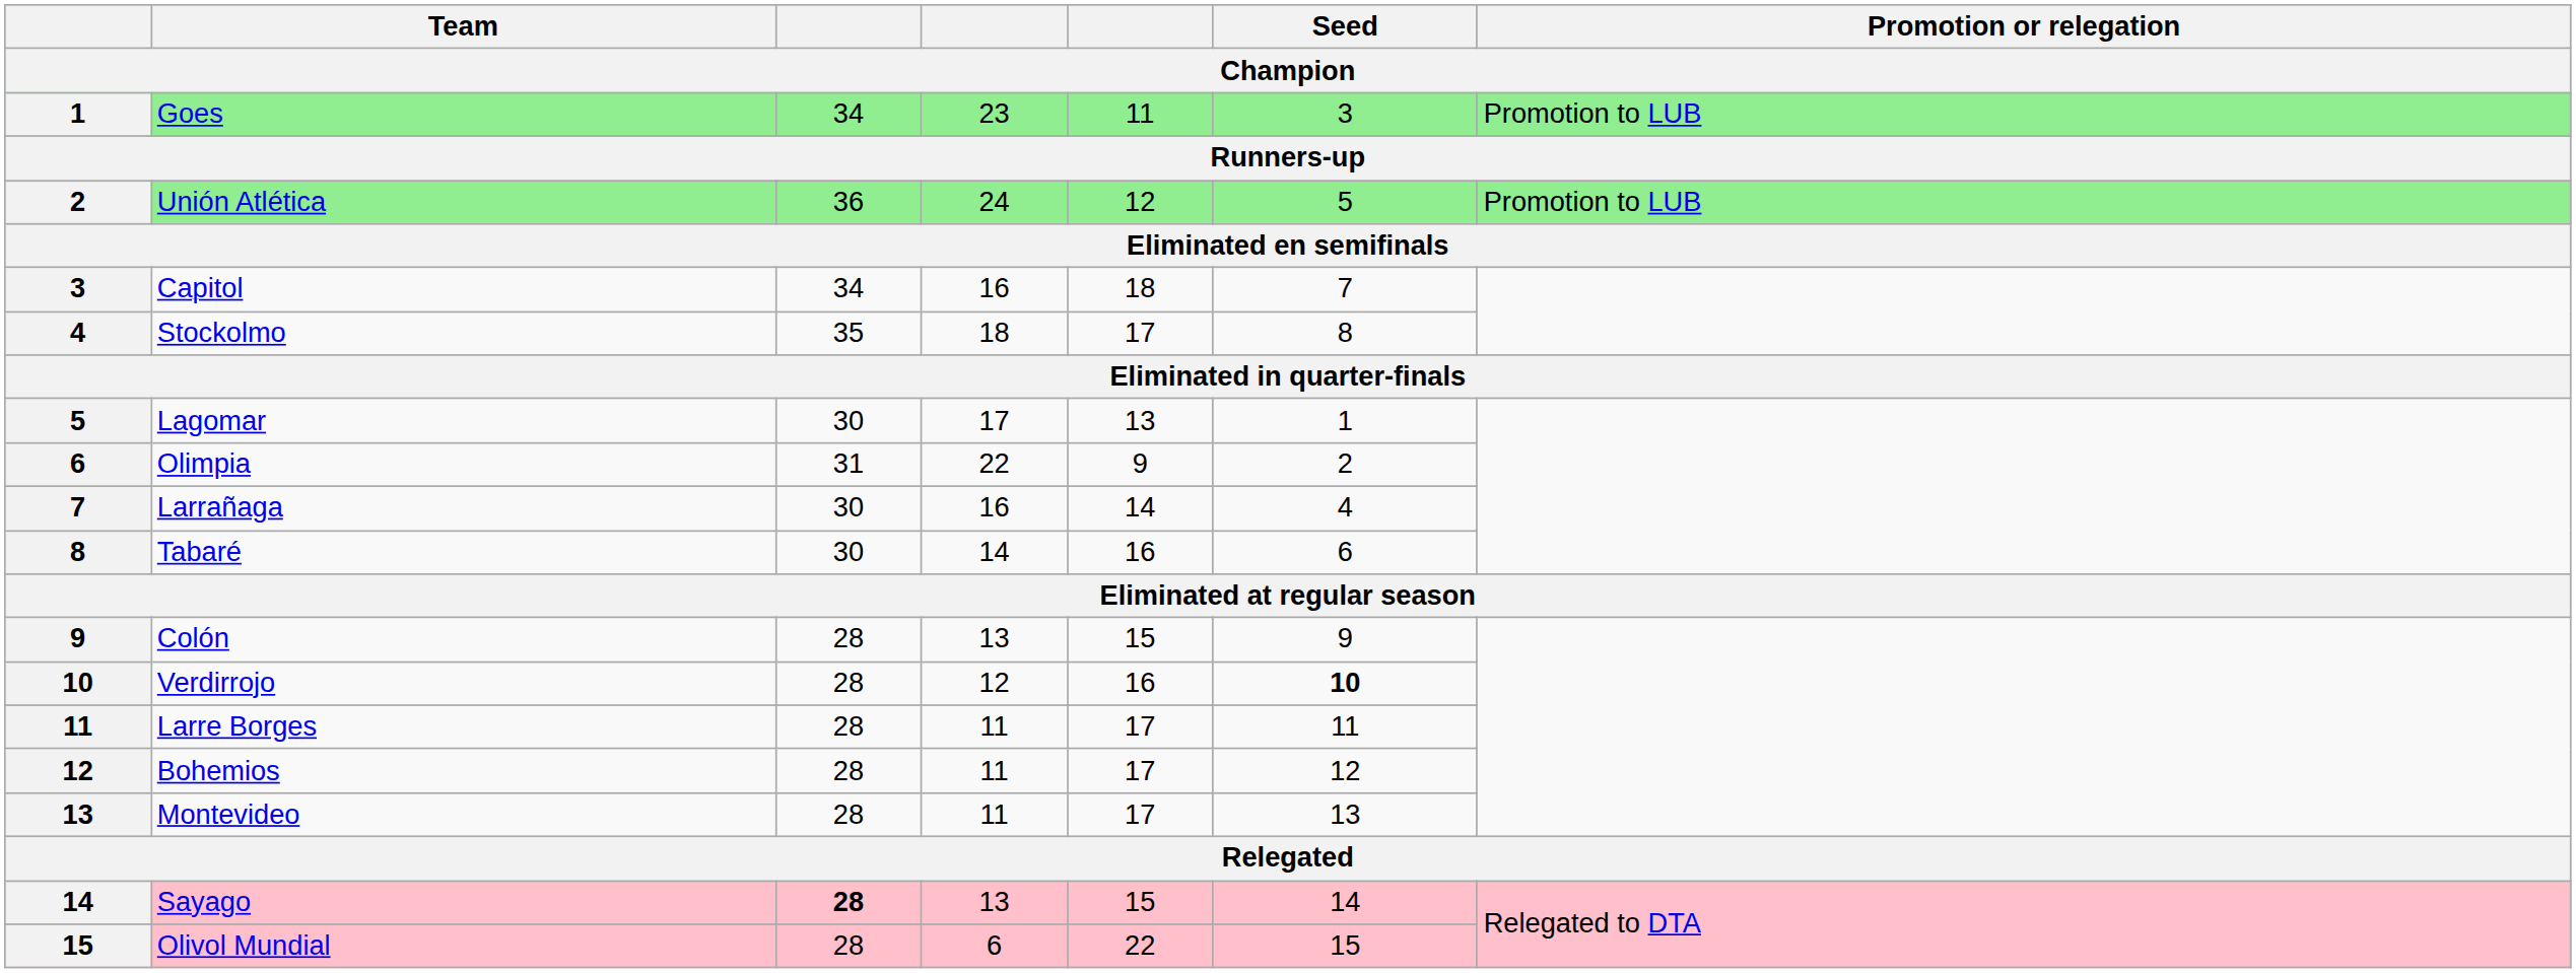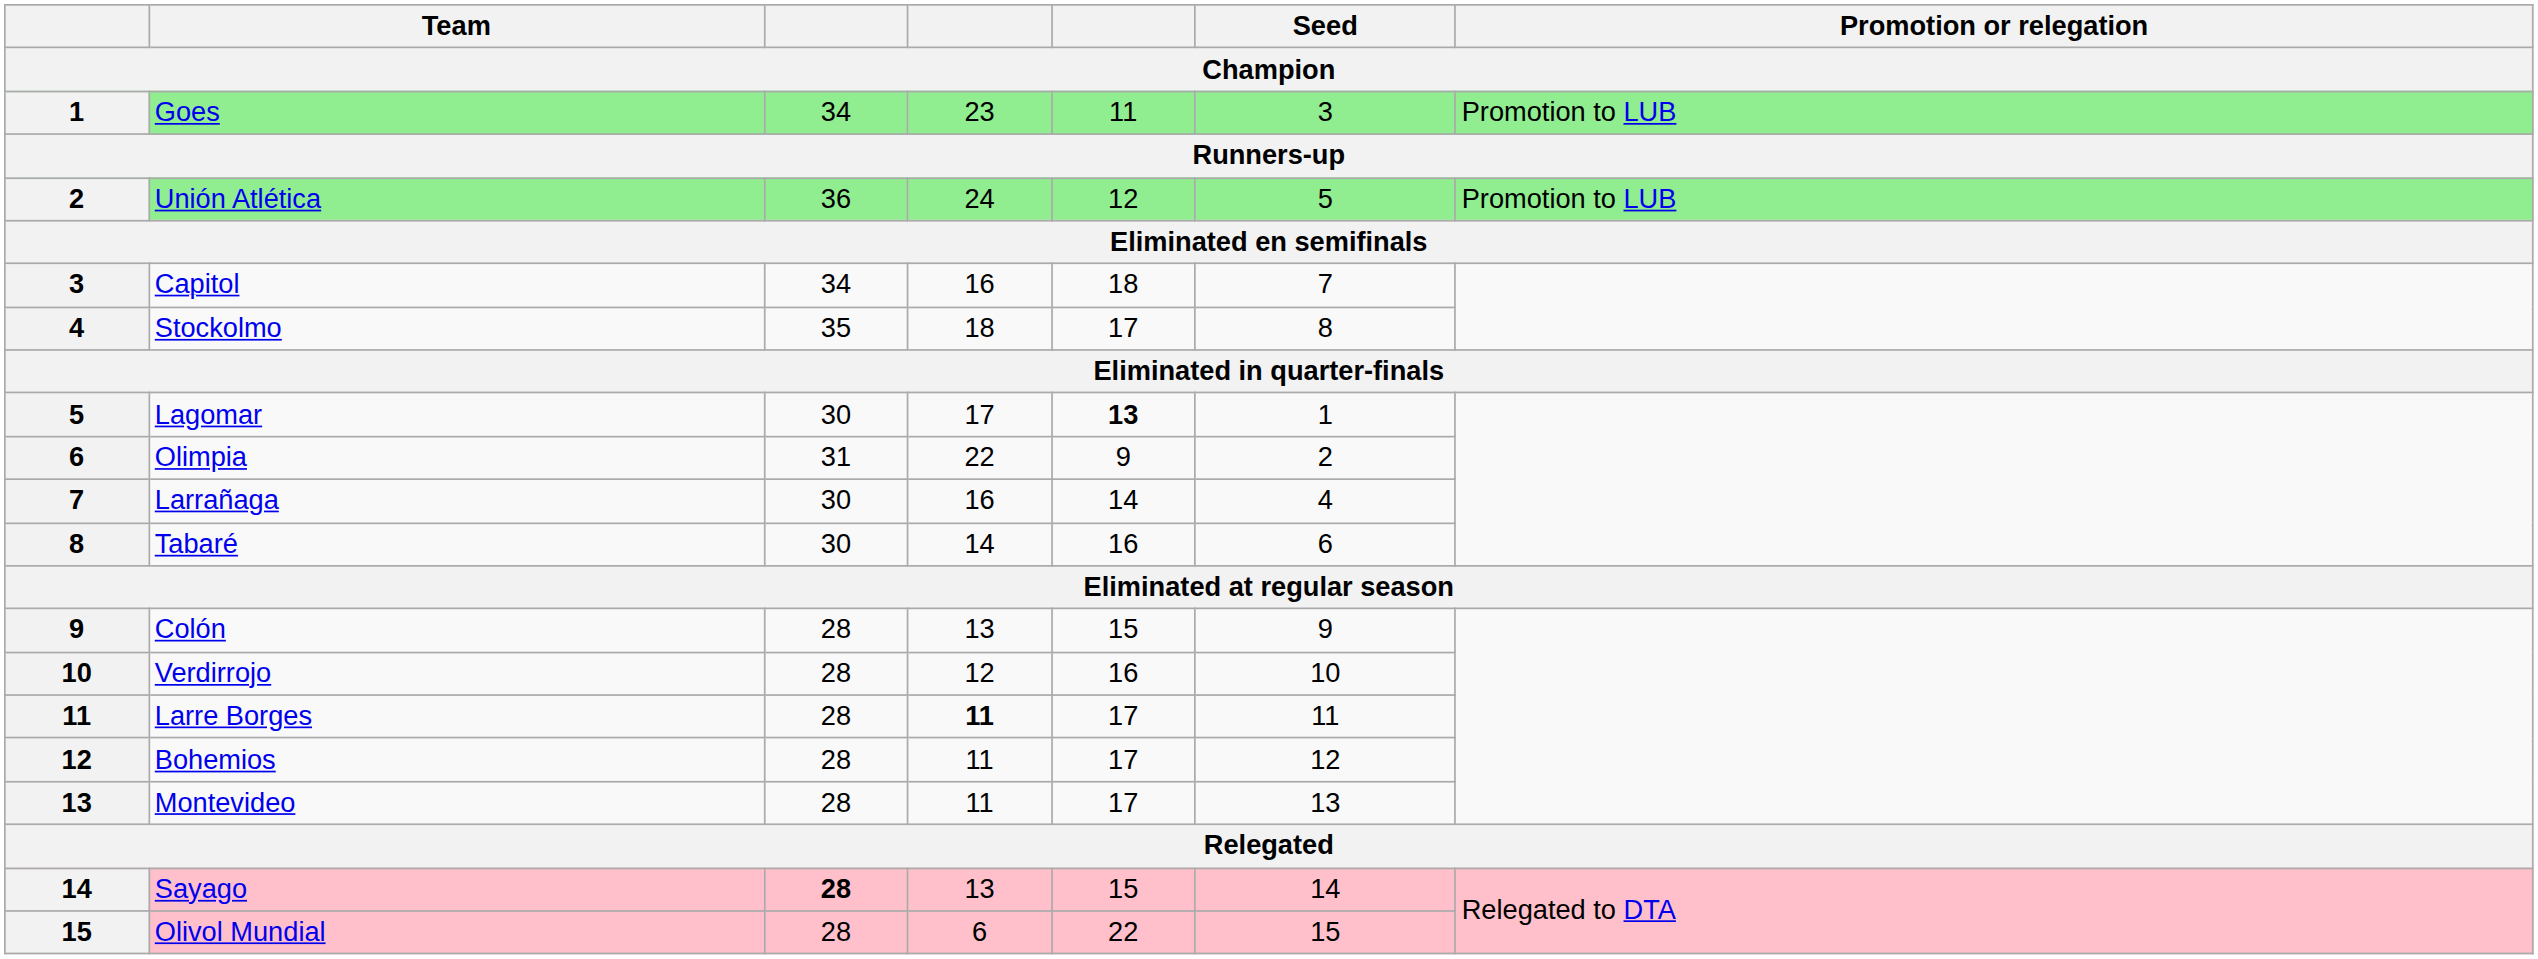 <table class="wikitable" width=75% style= align:center">
 <tr>
 <th></th>
 <th width:45%>Team</th>
 <th></th>
 <th></th>
 <th></th>
 <th>Seed</th>
 <th>Promotion or relegation</th>
 </tr>
 <tr>
 <th colspan="7">Champion</th>
 </tr>
 <tr bgcolor="lightgreen">
 <th>1</th>
 <td><a href='#'>Goes</a></td>
 <td align="center">34</td>
 <td align="center">23</td>
 <td align="center">11</td>
 <td align="center">3</td>
 <td>Promotion to <a href='#'>LUB</a></td>
 </tr>
 <tr>
 <th colspan="7">Runners-up</th>
 </tr>
 <tr bgcolor="lightgreen">
 <th>2</th>
 <td><a href='#'>Unión Atlética</a></td>
 <td align="center">36</td>
 <td align="center">24</td>
 <td align="center">12</td>
 <td align="center">5</td>
 <td>Promotion to <a href='#'>LUB</a></td>
 </tr>
 <tr>
 <th colspan="7">Eliminated en semifinals</th>
 </tr>
 <tr>
 <th>3</th>
 <td><a href='#'>Capitol</a></td>
 <td align="center">34</td>
 <td align="center">16</td>
 <td align="center">18</td>
 <td align="center">7</td>
 <td rowspan="2"></td>
 </tr>
 <tr>
 <th>4</th>
 <td><a href='#'>Stockolmo</a></td>
 <td align="center">35</td>
 <td align="center">18</td>
 <td align="center">17</td>
 <td align="center">8</td>
 </tr>
 <tr>
 <th colspan="7">Eliminated in quarter-finals</th>
 </tr>
 <tr>
 <th>5</th>
 <td><a href='#'>Lagomar</a></td>
 <td align="center">30</td>
 <td align="center">17</td>
-<td align="center">13</td>
+<td align="center"><strong>13</strong></td>
 <td align="center">1</td>
 <td rowspan="4"></td>
 </tr>
 <tr>
 <th>6</th>
 <td><a href='#'>Olimpia</a></td>
 <td align="center">31</td>
 <td align="center">22</td>
 <td align="center">9</td>
 <td align="center">2</td>
 </tr>
 <tr>
 <th>7</th>
 <td><a href='#'>Larrañaga</a></td>
 <td align="center">30</td>
 <td align="center">16</td>
 <td align="center">14</td>
 <td align="center">4</td>
 </tr>
 <tr>
 <th>8</th>
 <td><a href='#'>Tabaré</a></td>
 <td align="center">30</td>
 <td align="center">14</td>
 <td align="center">16</td>
 <td align="center">6</td>
 </tr>
 <tr>
 <th colspan="7">Eliminated at regular season</th>
 </tr>
 <tr>
 <th>9</th>
 <td><a href='#'>Colón</a></td>
 <td align="center">28</td>
 <td align="center">13</td>
 <td align="center">15</td>
 <td align="center">9</td>
 <td rowspan="5"></td>
 </tr>
 <tr>
 <th>10</th>
 <td><a href='#'>Verdirrojo</a></td>
 <td align="center">28</td>
 <td align="center">12</td>
 <td align="center">16</td>
-<td align="center"><strong>10</strong></td>
+<td align="center">10</td>
 </tr>
 <tr>
 <th>11</th>
 <td><a href='#'>Larre Borges</a></td>
 <td align="center">28</td>
-<td align="center">11</td>
+<td align="center"><strong>11</strong></td>
 <td align="center">17</td>
 <td align="center">11</td>
 </tr>
 <tr>
 <th>12</th>
 <td><a href='#'>Bohemios</a></td>
 <td align="center">28</td>
 <td align="center">11</td>
 <td align="center">17</td>
 <td align="center">12</td>
 </tr>
 <tr>
 <th>13</th>
 <td><a href='#'>Montevideo</a></td>
 <td align="center">28</td>
 <td align="center">11</td>
 <td align="center">17</td>
 <td align="center">13</td>
 </tr>
 <tr>
 <th colspan="7">Relegated</th>
 </tr>
 <tr bgcolor="pink">
 <th>14</th>
 <td><a href='#'>Sayago</a></td>
 <td align="center"><strong>28</strong></td>
 <td align="center">13</td>
 <td align="center">15</td>
 <td align="center">14</td>
 <td rowspan="2">Relegated to <a href='#'>DTA</a></td>
 </tr>
 <tr bgcolor="pink">
 <th>15</th>
 <td><a href='#'>Olivol Mundial</a></td>
 <td align="center">28</td>
 <td align="center">6</td>
 <td align="center">22</td>
 <td align="center">15</td>
 </tr>
 </table>
